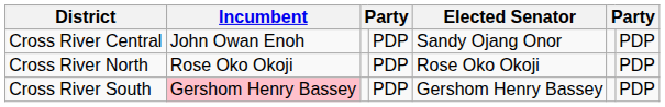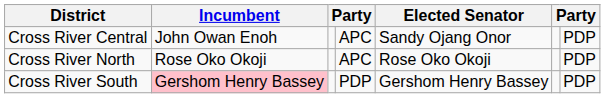 <table class="sortable wikitable" style="font-size:95%;line-height:14px;">
 <tr>
 <th class="unsortable">District</th>
 <th class="unsortable"><a href='#'>Incumbent</a></th>
 <th colspan="2">Party</th>
 <th class="unsortable">Elected Senator</th>
 <th colspan="2">Party</th>
 </tr>
 <tr>
 <td>Cross River Central</td>
 <td>John Owan Enoh</td>
 <td style="background:"></td>
-<td>PDP</td>
+<td>APC</td>
 <td>Sandy Ojang Onor</td>
 <td style="background:"></td>
 <td>PDP</td>
 </tr>
 <tr>
 <td>Cross River North</td>
 <td>Rose Oko Okoji</td>
 <td style="background:"></td>
-<td>PDP</td>
+<td>APC</td>
 <td>Rose Oko Okoji</td>
 <td style="background:"></td>
 <td>PDP</td>
 </tr>
 <tr>
 <td>Cross River South</td>
 <td style="background: pink;">Gershom Henry Bassey</td>
 <td style="background:"></td>
 <td>PDP</td>
 <td>Gershom Henry Bassey</td>
 <td style="background:"></td>
 <td>PDP</td>
 </tr>
 </table>
